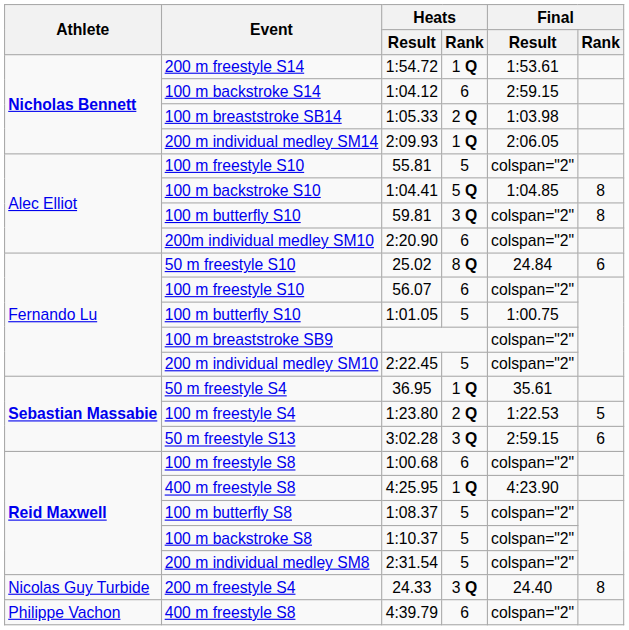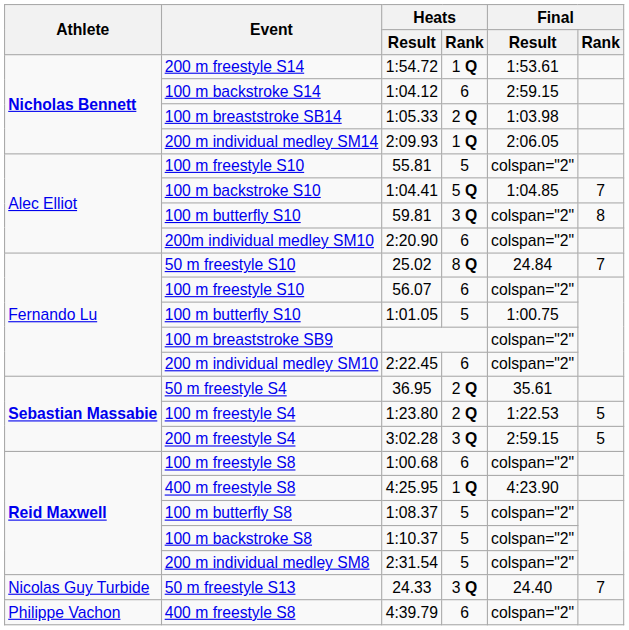 <table class=wikitable style="font-size:90%">
 <tr>
 <th rowspan="2">Athlete</th>
 <th rowspan="2">Event</th>
 <th colspan="2">Heats</th>
 <th colspan="2">Final</th>
 </tr>
 <tr>
 <th>Result</th>
 <th>Rank</th>
 <th>Result</th>
 <th>Rank</th>
 </tr>
 <tr align=center>
 <td align=left rowspan=4><strong><a href='#'>Nicholas Bennett</a></strong></td>
 <td align=left><a href='#'>200 m freestyle S14</a></td>
 <td>1:54.72</td>
 <td>1 <strong>Q</strong></td>
 <td>1:53.61</td>
 <td></td>
 </tr>
 <tr align=center>
 <td align=left><a href='#'>100 m backstroke S14</a></td>
 <td>1:04.12</td>
 <td>6</td>
 <td>2:59.15</td>
 </tr>
 <tr align=center>
 <td align=left><a href='#'>100 m breaststroke SB14</a></td>
 <td>1:05.33</td>
 <td>2 <strong>Q</strong></td>
 <td>1:03.98</td>
 <td></td>
 </tr>
 <tr align=center>
 <td align=left><a href='#'>200 m individual medley SM14</a></td>
 <td>2:09.93</td>
 <td>1 <strong>Q</strong></td>
 <td>2:06.05 <strong></strong></td>
 <td></td>
 </tr>
 <tr align=center>
 <td align=left rowspan=4><a href='#'>Alec Elliot</a></td>
 <td align=left><a href='#'>100 m freestyle S10</a></td>
 <td>55.81</td>
 <td>5</td>
 <td>colspan="2" </td>
 </tr>
 <tr align=center>
 <td align=left><a href='#'>100 m backstroke S10</a></td>
 <td>1:04.41</td>
 <td>5 <strong>Q</strong></td>
 <td>1:04.85</td>
-<td>8</td>
+<td>7</td>
 </tr>
 <tr align=center>
 <td align=left><a href='#'>100 m butterfly S10</a></td>
 <td>59.81</td>
 <td>3 <strong>Q</strong></td>
 <td>colspan="2" </td>
 <td>8</td>
 </tr>
 <tr align=center>
 <td align=left><a href='#'>200m individual medley SM10</a></td>
 <td>2:20.90</td>
 <td>6</td>
 <td>colspan="2" </td>
 </tr>
 <tr align=center>
 <td align=left rowspan=5><a href='#'>Fernando Lu</a></td>
 <td align=left><a href='#'>50 m freestyle S10</a></td>
 <td>25.02</td>
 <td>8 <strong>Q</strong></td>
 <td>24.84</td>
-<td>6</td>
+<td>7</td>
 </tr>
 <tr align=center>
 <td align=left><a href='#'>100 m freestyle S10</a></td>
 <td>56.07</td>
 <td>6</td>
 <td>colspan="2" </td>
 </tr>
 <tr align=center>
 <td align=left><a href='#'>100 m butterfly S10</a></td>
 <td>1:01.05</td>
 <td>5</td>
 <td>1:00.75</td>
 </tr>
 <tr align=center>
 <td align=left><a href='#'>100 m breaststroke SB9</a></td>
 <td colspan="2"></td>
 <td>colspan="2" </td>
 </tr>
 <tr align=center>
 <td align=left><a href='#'>200 m individual medley SM10</a></td>
 <td>2:22.45</td>
-<td>5</td>
+<td>6</td>
 <td>colspan="2" </td>
 </tr>
 <tr align=center>
 <td align=left rowspan=3><strong><a href='#'>Sebastian Massabie</a></strong></td>
 <td align=left><a href='#'>50 m freestyle S4</a></td>
 <td>36.95 <strong></strong></td>
-<td>1 <strong>Q</strong></td>
+<td>2 <strong>Q</strong></td>
 <td>35.61 <strong></strong></td>
 <td></td>
 </tr>
 <tr align=center>
 <td align=left><a href='#'>100 m freestyle S4</a></td>
 <td>1:23.80</td>
 <td>2 <strong>Q</strong></td>
 <td>1:22.53</td>
 <td>5</td>
 </tr>
 <tr align=center>
-<td align=left><a href='#'>50 m freestyle S13</a></td>
+<td align=left><a href='#'>200 m freestyle S4</a></td>
 <td>3:02.28</td>
 <td>3 <strong>Q</strong></td>
 <td>2:59.15</td>
-<td>6</td>
+<td>5</td>
 </tr>
 <tr align=center>
 <td align=left rowspan=5><strong><a href='#'>Reid Maxwell</a></strong></td>
 <td align=left><a href='#'>100 m freestyle S8</a></td>
 <td>1:00.68</td>
 <td>6</td>
 <td>colspan="2" </td>
 </tr>
 <tr align=center>
 <td align=left><a href='#'>400 m freestyle S8</a></td>
 <td>4:25.95</td>
 <td>1 <strong>Q</strong></td>
 <td>4:23.90 <strong></strong></td>
 <td></td>
 </tr>
 <tr align=center>
 <td align=left><a href='#'>100 m butterfly S8</a></td>
 <td>1:08.37</td>
 <td>5</td>
 <td>colspan="2" </td>
 </tr>
 <tr align=center>
 <td align=left><a href='#'>100 m backstroke S8</a></td>
 <td>1:10.37</td>
 <td>5</td>
 <td>colspan="2" </td>
 </tr>
 <tr align=center>
 <td align=left><a href='#'>200 m individual medley SM8</a></td>
 <td>2:31.54</td>
 <td>5</td>
 <td>colspan="2" </td>
 </tr>
 <tr align=center>
 <td align=left><a href='#'>Nicolas Guy Turbide</a></td>
-<td align=left><a href='#'>200 m freestyle S4</a></td>
+<td align=left><a href='#'>50 m freestyle S13</a></td>
 <td>24.33</td>
 <td>3 <strong>Q</strong></td>
 <td>24.40</td>
-<td>8</td>
+<td>7</td>
 </tr>
 <tr align=center>
 <td align=left><a href='#'>Philippe Vachon</a></td>
 <td align=left><a href='#'>400 m freestyle S8</a></td>
 <td>4:39.79</td>
 <td>6</td>
 <td>colspan="2" </td>
 </tr>
 </table>
